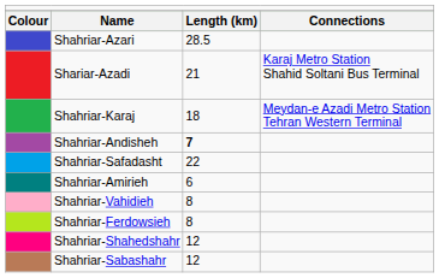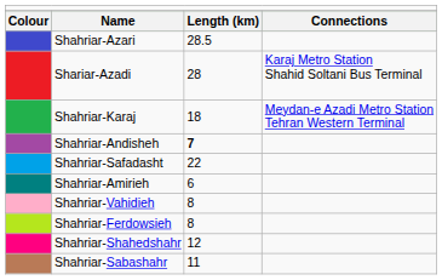 <table class="wikitable sortable">
 <tr>
 <td colspan="7"></td>
 </tr>
 <tr>
 </tr>
 <tr bgcolor=#ACE1AF>
 <th>Colour</th>
 <th>Name</th>
 <th>Length (km)</th>
 <th>Connections</th>
 </tr>
 <tr>
 <td text-align="center" bgcolor="#3F48CC"></td>
 <td>Shahriar-Azari</td>
 <td>28.5</td>
 <td><br> </td>
 </tr>
 <tr>
 <td text-align="center" bgcolor="#ED1C24"></td>
 <td>Shariar-Azadi</td>
-<td>21</td>
+<td>28</td>
 <td> <a href='#'>Karaj Metro Station</a><br>Shahid Soltani Bus Terminal<br><br> </td>
 </tr>
 <tr>
 <td text-align="center" bgcolor="#22B14C"></td>
 <td>Shahriar-Karaj</td>
 <td>18</td>
 <td> <a href='#'>Meydan-e Azadi Metro Station</a><br> <a href='#'>Tehran Western Terminal</a><br>   </td>
 </tr>
 <tr>
 <td text-align="center" bgcolor="#A349A4"></td>
 <td>Shahriar-Andisheh</td>
 <td><strong>7</strong></td>
 <td><br></td>
 </tr>
 <tr>
 <td text-align="center" bgcolor="#00A2E8"></td>
 <td>Shahriar-Safadasht</td>
 <td>22</td>
 <td><br></td>
 </tr>
 <tr>
 <td text-align="center" bgcolor="#008080"></td>
 <td>Shahriar-Amirieh</td>
 <td>6</td>
 <td><br></td>
 </tr>
 <tr>
 <td text-align="center" bgcolor="#FFAEC9"></td>
 <td>Shahriar-<a href='#'>Vahidieh</a></td>
 <td>8</td>
 <td><br></td>
 </tr>
 <tr>
 <td text-align="center" bgcolor="#B5E61D"></td>
 <td>Shahriar-<a href='#'>Ferdowsieh</a></td>
 <td>8</td>
 <td><br></td>
 </tr>
 <tr>
 <td text-align="center" bgcolor="#FF0080"></td>
 <td>Shahriar-<a href='#'>Shahedshahr</a></td>
 <td>12</td>
 <td><br></td>
 </tr>
 <tr>
 <td text-align="center" bgcolor="#B97A57"></td>
 <td>Shahriar-<a href='#'>Sabashahr</a></td>
-<td>12</td>
+<td>11</td>
 <td><br></td>
 </tr>
 </table>
